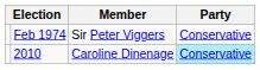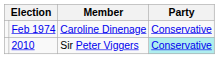 <table class="wikitable">
 <tr>
 <th colspan="2">Election</th>
 <th>Member </th>
 <th>Party</th>
 </tr>
 <tr>
 <td style="color:inherit;background-color: "></td>
 <td><a href='#'>Feb 1974</a></td>
-<td>Sir <a href='#'>Peter Viggers</a></td>
+<td><a href='#'>Caroline Dinenage</a></td>
 <td><a href='#'>Conservative</a></td>
 </tr>
 <tr>
 <td style="color:inherit;background-color: "></td>
 <td><a href='#'>2010</a></td>
-<td><a href='#'>Caroline Dinenage</a></td>
+<td>Sir <a href='#'>Peter Viggers</a></td>
 <td style="background: paleturquoise;"><a href='#'>Conservative</a></td>
 </tr>
 </table>
